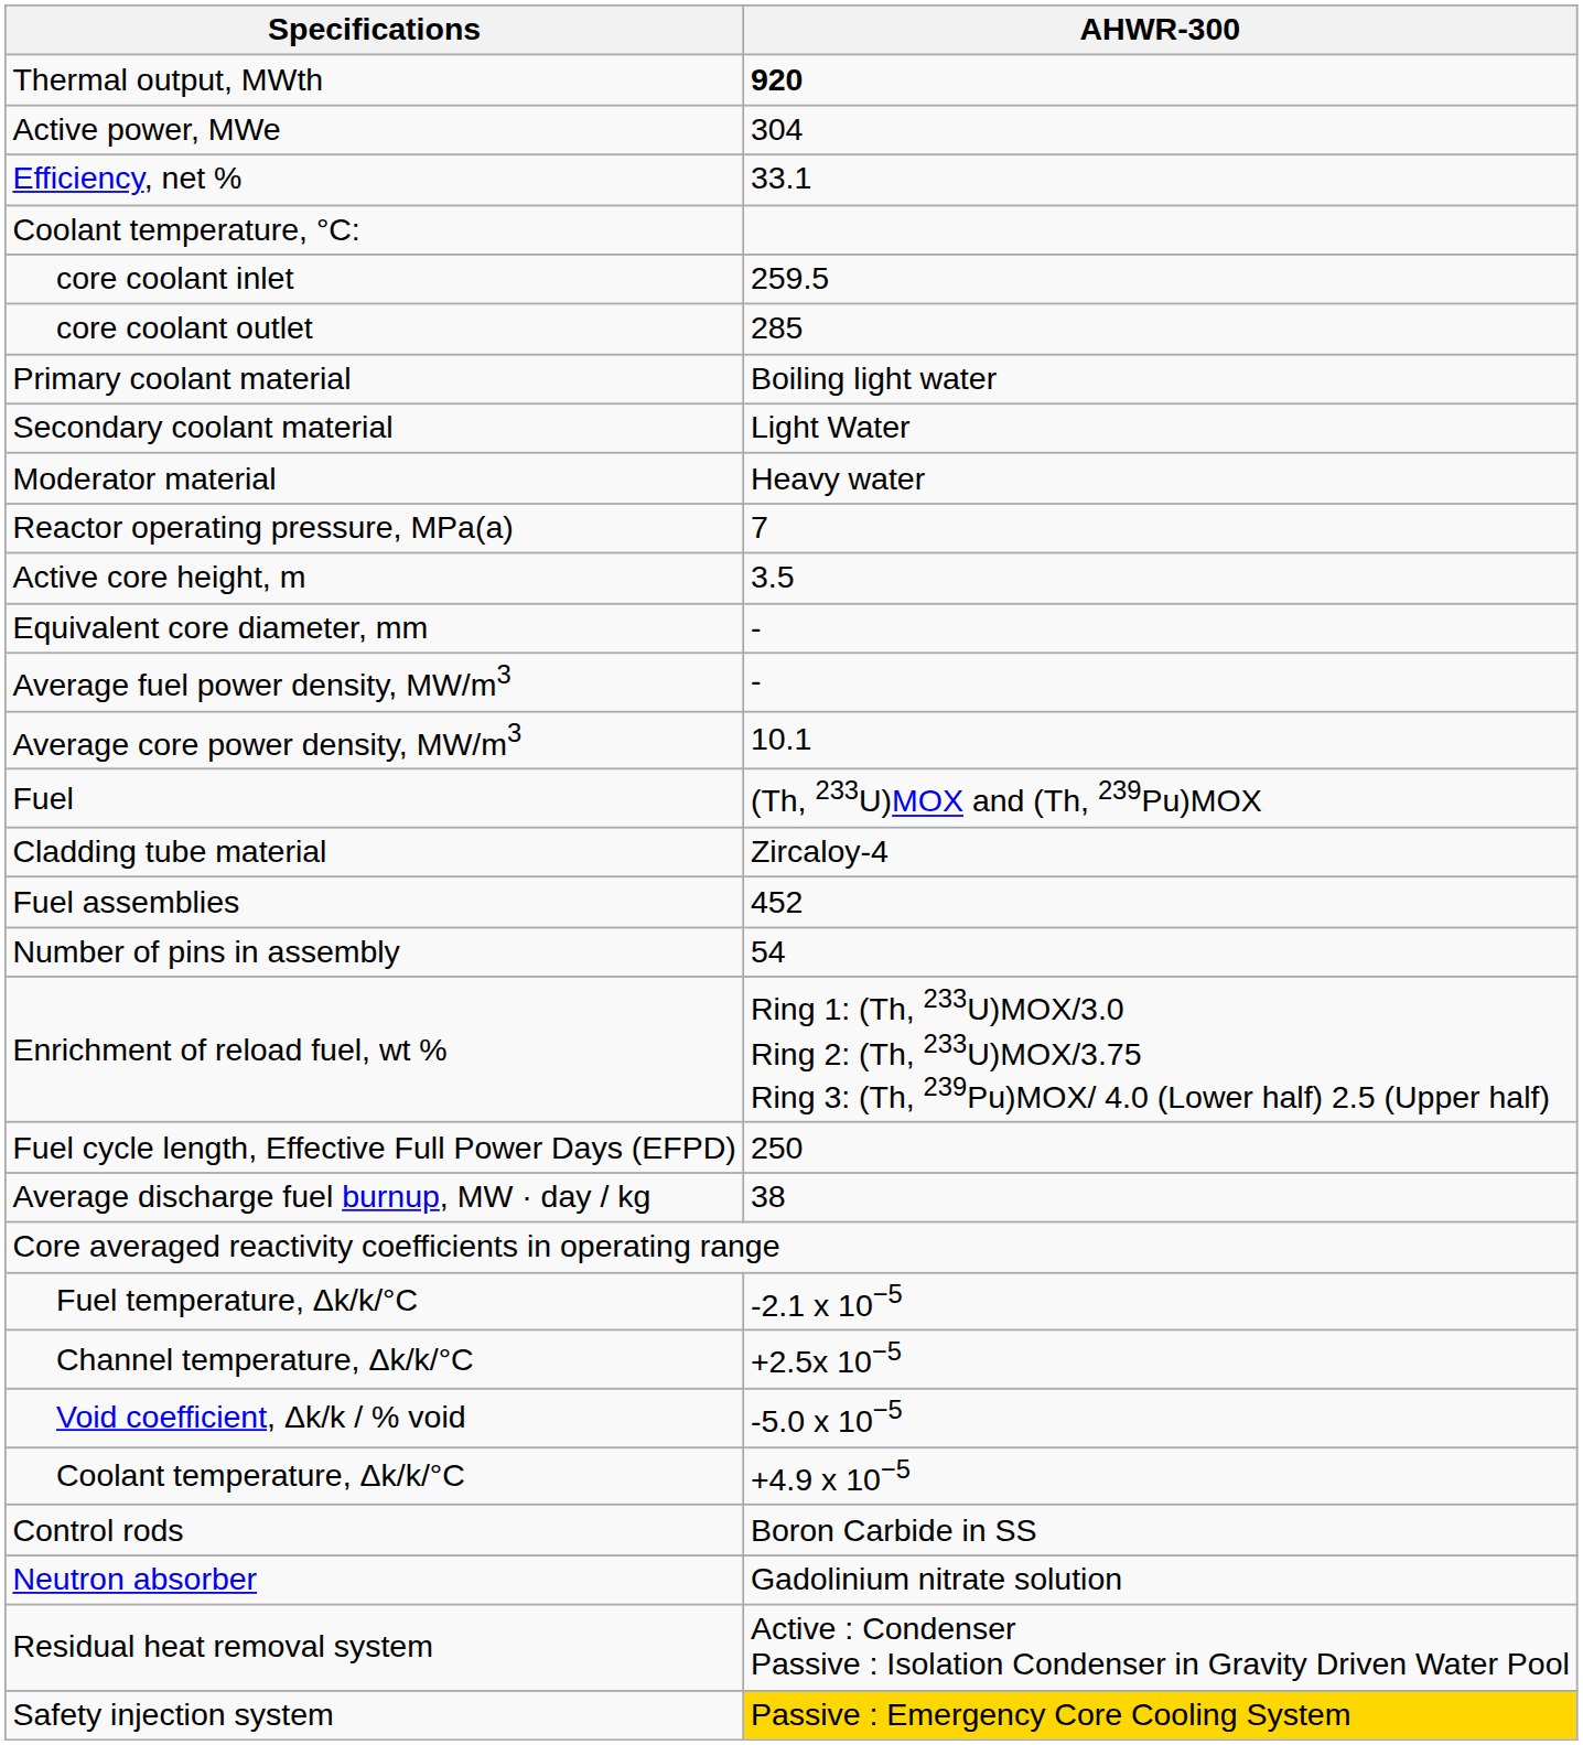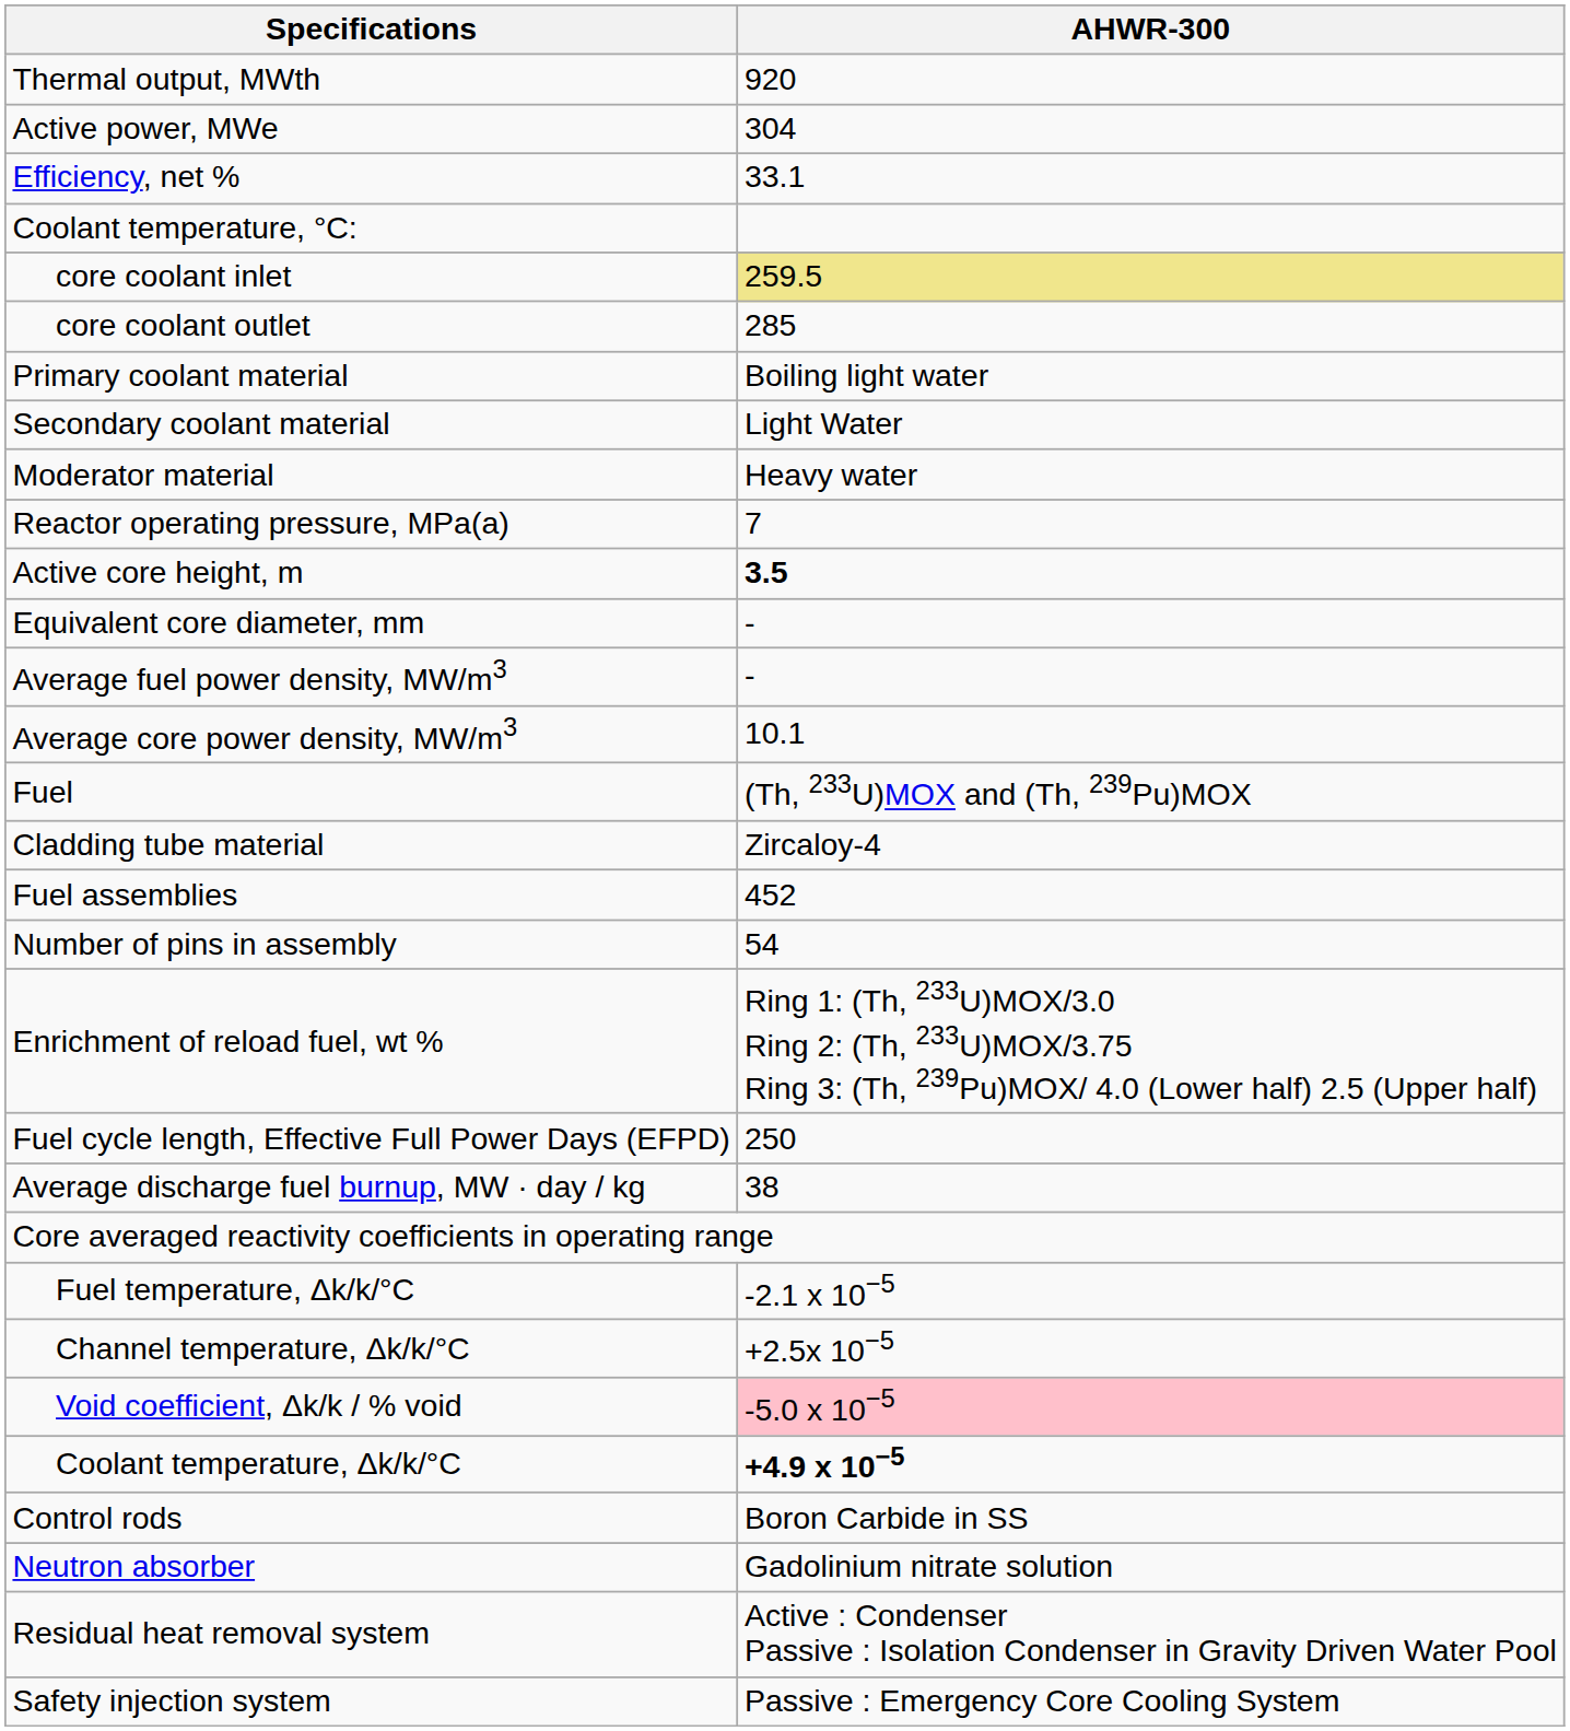 <table class="wikitable">
 <tr>
 <th>Specifications</th>
 <th>AHWR-300</th>
 </tr>
 <tr>
 <td>Thermal output, MWth</td>
-<td><strong>920</strong></td>
+<td>920</td>
 </tr>
 <tr>
 <td>Active power, MWe</td>
 <td>304</td>
 </tr>
 <tr>
 <td><a href='#'>Efficiency</a>, net %</td>
 <td>33.1</td>
 </tr>
 <tr>
 <td>Coolant temperature, °C:</td>
 <td></td>
 </tr>
 <tr>
 <td>     core coolant inlet</td>
-<td>259.5</td>
+<td style="background: khaki;">259.5</td>
 </tr>
 <tr>
 <td>     core coolant outlet</td>
 <td>285</td>
 </tr>
 <tr>
 <td>Primary coolant material</td>
 <td>Boiling light water</td>
 </tr>
 <tr>
 <td>Secondary coolant material</td>
 <td>Light Water</td>
 </tr>
 <tr>
 <td>Moderator material</td>
 <td>Heavy water</td>
 </tr>
 <tr>
 <td>Reactor operating pressure, MPa(a)</td>
 <td>7</td>
 </tr>
 <tr>
 <td>Active core height, m</td>
-<td>3.5</td>
+<td><strong>3.5</strong></td>
 </tr>
 <tr>
 <td>Equivalent core diameter, mm</td>
 <td>-</td>
 </tr>
 <tr>
 <td>Average fuel power density, MW/m<sup>3</sup></td>
 <td>-</td>
 </tr>
 <tr>
 <td>Average core power density, MW/m<sup>3</sup></td>
 <td>10.1</td>
 </tr>
 <tr>
 <td>Fuel</td>
 <td>(Th, <sup>233</sup>U)<a href='#'>MOX</a> and (Th, <sup>239</sup>Pu)MOX</td>
 </tr>
 <tr>
 <td>Cladding tube material</td>
 <td>Zircaloy-4</td>
 </tr>
 <tr>
 <td>Fuel assemblies</td>
 <td>452</td>
 </tr>
 <tr>
 <td>Number of pins in assembly</td>
 <td>54</td>
 </tr>
 <tr>
 <td>Enrichment of reload fuel, wt %</td>
 <td>Ring 1: (Th, <sup>233</sup>U)MOX/3.0<br>Ring 2: (Th, <sup>233</sup>U)MOX/3.75<br>Ring 3: (Th, <sup>239</sup>Pu)MOX/ 4.0 (Lower half) 2.5 (Upper half)</td>
 </tr>
 <tr>
 <td>Fuel cycle length, Effective Full Power Days (EFPD)</td>
 <td>250</td>
 </tr>
 <tr>
 <td>Average discharge fuel <a href='#'>burnup</a>, MW · day / kg</td>
 <td>38</td>
 </tr>
 <tr>
 <td colspan="2">Core averaged reactivity coefficients in operating range</td>
 </tr>
 <tr>
 <td>     Fuel temperature, Δk/k/°C</td>
 <td>-2.1 x 10<sup>−5</sup></td>
 </tr>
 <tr>
 <td>     Channel temperature, Δk/k/°C</td>
 <td>+2.5x 10<sup>−5</sup></td>
 </tr>
 <tr>
 <td>     <a href='#'>Void coefficient</a>, Δk/k / % void</td>
-<td>-5.0 x 10<sup>−5</sup></td>
+<td style="background: pink;">-5.0 x 10<sup>−5</sup></td>
 </tr>
 <tr>
 <td>     Coolant temperature, Δk/k/°C</td>
-<td>+4.9 x 10<sup>−5</sup></td>
+<td><strong>+4.9 x 10<sup>−5</sup></strong></td>
 </tr>
 <tr>
 <td>Control rods</td>
 <td>Boron Carbide in SS</td>
 </tr>
 <tr>
 <td><a href='#'>Neutron absorber</a></td>
 <td>Gadolinium nitrate solution</td>
 </tr>
 <tr>
 <td>Residual heat removal system</td>
 <td>Active : Condenser<br>Passive : Isolation Condenser in Gravity Driven Water Pool</td>
 </tr>
 <tr>
 <td>Safety injection system</td>
-<td style="background: gold;">Passive : Emergency Core Cooling System</td>
+<td>Passive : Emergency Core Cooling System</td>
 </tr>
 </table>
